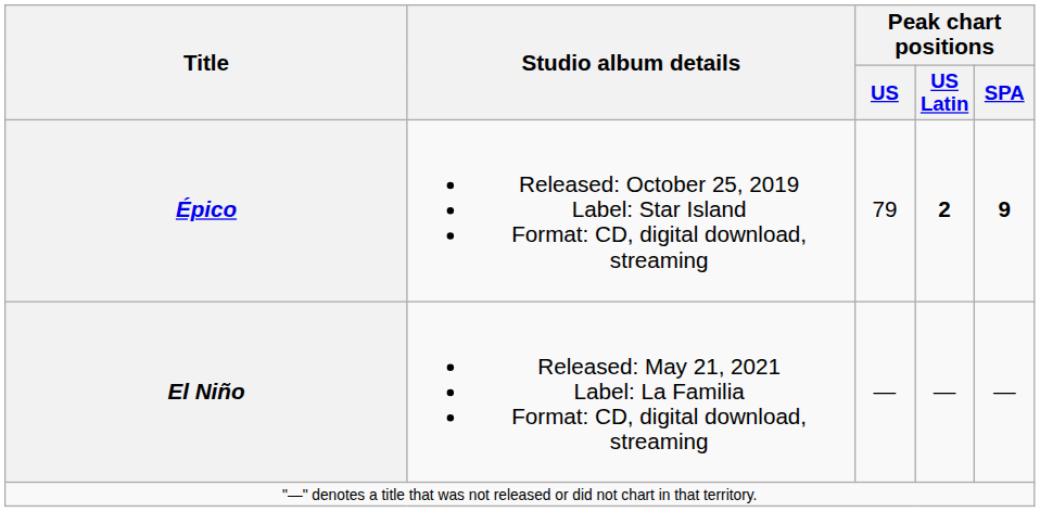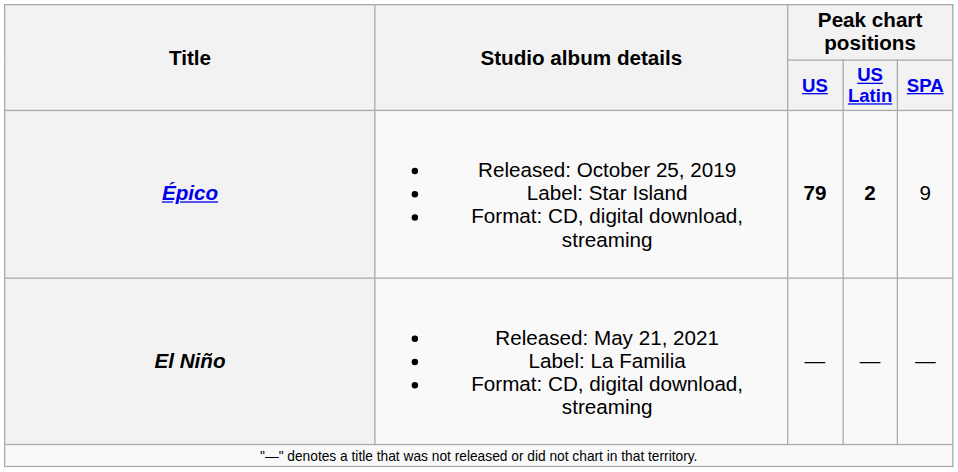 <table class="wikitable plainrowheaders" style="text-align:center;">
 <tr>
 <th scope="col" rowspan="2" style="width:17.5em;">Title</th>
 <th scope="col" rowspan="2" style="width:19.5em;">Studio album details</th>
 <th scope="col" colspan="3">Peak chart positions</th>
 </tr>
 <tr>
 <th scope="col" style="width:2.5em;font-size:90%;"><a href='#'>US</a><br></th>
 <th scope="col" style="width:2.5em;font-size:90%;"><a href='#'>US<br>Latin</a><br></th>
 <th scope="col" style="width:2.5em;font-size:90%;"><a href='#'>SPA</a><br></th>
 </tr>
 <tr>
 <th scope="row"><em><a href='#'>Épico</a></em></th>
 <td><br><ul><li>Released: October 25, 2019</li><li>Label: Star Island</li><li>Format: CD, digital download, streaming</li></ul></td>
-<td>79</td>
+<td><strong>79</strong></td>
 <td><strong>2</strong></td>
-<td><strong>9</strong></td>
+<td>9</td>
 </tr>
 <tr>
 <th scope="row"><em>El Niño</em></th>
 <td><br><ul><li>Released: May 21, 2021</li><li>Label: La Familia</li><li>Format: CD, digital download, streaming</li></ul></td>
 <td>—</td>
 <td>—</td>
 <td>—</td>
 </tr>
 <tr>
 <td colspan="14" style="font-size:8pt;">"—" denotes a title that was not released or did not chart in that territory.</td>
 </tr>
 </table>
